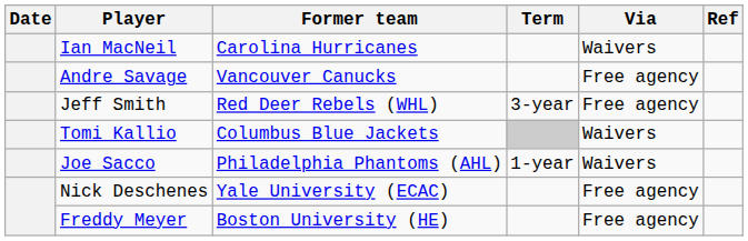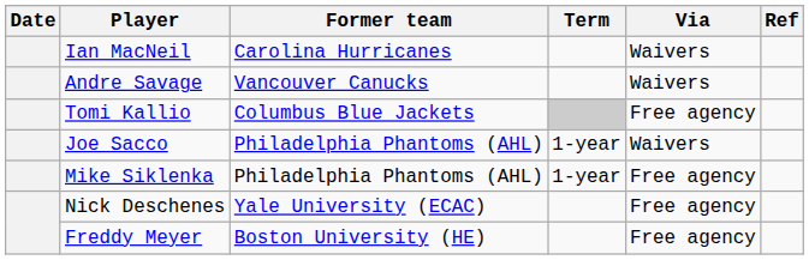 <table class="wikitable plainrowheaders">
 <tr style="background:#ddd; text-align:center;">
 <th>Date</th>
 <th>Player</th>
 <th>Former team</th>
 <th>Term</th>
 <th>Via</th>
 <th>Ref</th>
 </tr>
 <tr>
 <th scope="row"></th>
 <td><a href='#'>Ian MacNeil</a></td>
 <td><a href='#'>Carolina Hurricanes</a></td>
 <td></td>
 <td>Waivers</td>
 <td></td>
 </tr>
 <tr>
 <th scope="row"></th>
 <td><a href='#'>Andre Savage</a></td>
 <td><a href='#'>Vancouver Canucks</a></td>
 <td></td>
-<td>Free agency</td>
-<td></td>
-</tr>
-<tr>
-<th scope="row"></th>
-<td>Jeff Smith</td>
-<td><a href='#'>Red Deer Rebels</a> (<a href='#'>WHL</a>)</td>
-<td>3-year</td>
-<td>Free agency</td>
+<td>Waivers</td>
 <td></td>
 </tr>
 <tr>
 <th scope="row"></th>
 <td><a href='#'>Tomi Kallio</a></td>
 <td><a href='#'>Columbus Blue Jackets</a></td>
 <td style="background:#ccc"></td>
-<td>Waivers</td>
+<td>Free agency</td>
 <td></td>
 </tr>
 <tr>
 <th scope="row"></th>
 <td><a href='#'>Joe Sacco</a></td>
 <td><a href='#'>Philadelphia Phantoms</a> (<a href='#'>AHL</a>)</td>
 <td>1-year</td>
 <td>Waivers</td>
+<td></td>
+</tr>
+<tr>
+<th scope="row"></th>
+<td><a href='#'>Mike Siklenka</a></td>
+<td>Philadelphia Phantoms (AHL)</td>
+<td>1-year</td>
+<td>Free agency</td>
 <td></td>
 </tr>
 <tr>
 <th scope="row" rowspan=2></th>
 <td>Nick Deschenes</td>
 <td><a href='#'>Yale University</a> (<a href='#'>ECAC</a>)</td>
 <td></td>
 <td>Free agency</td>
 <td></td>
 </tr>
 <tr>
 <td><a href='#'>Freddy Meyer</a></td>
 <td><a href='#'>Boston University</a> (<a href='#'>HE</a>)</td>
 <td></td>
 <td>Free agency</td>
 <td></td>
 </tr>
 </table>
